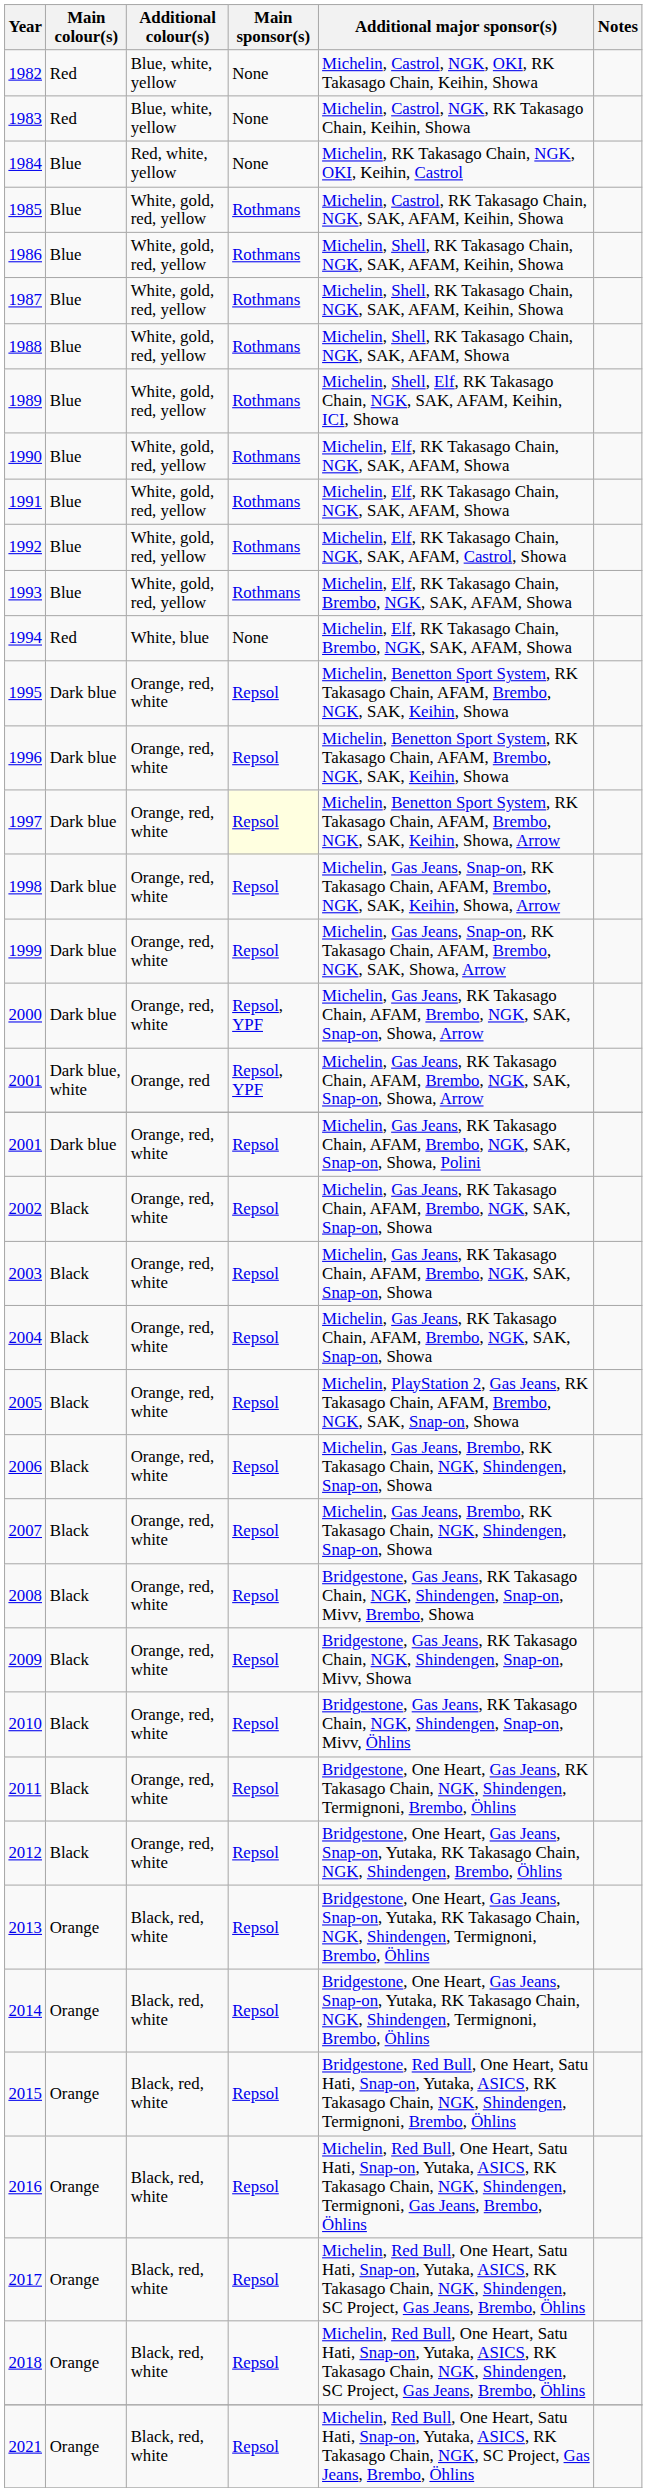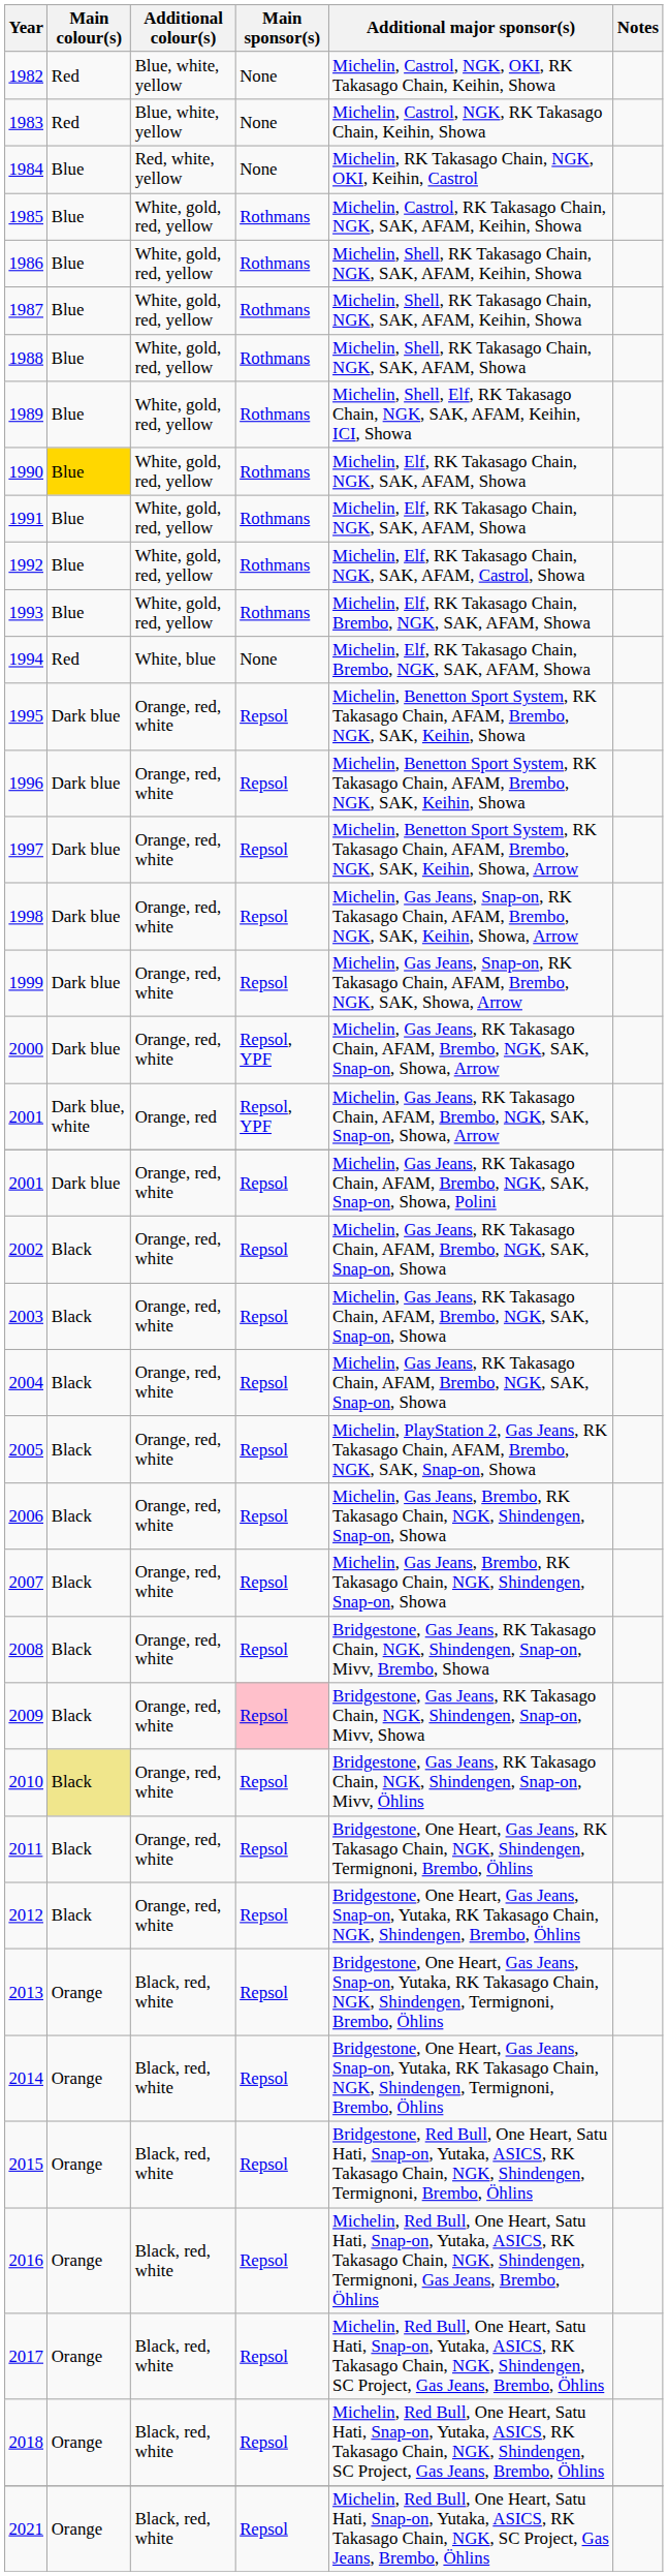 <table class="wikitable">
 <tr>
 <th>Year</th>
 <th>Main colour(s)</th>
 <th>Additional colour(s)</th>
 <th>Main sponsor(s)</th>
 <th>Additional major sponsor(s)</th>
 <th>Notes</th>
 </tr>
 <tr>
 <td><a href='#'>1982</a></td>
 <td>Red</td>
 <td>Blue, white, yellow</td>
 <td>None</td>
 <td><a href='#'>Michelin</a>, <a href='#'>Castrol</a>, <a href='#'>NGK</a>, <a href='#'>OKI</a>, RK Takasago Chain, Keihin, Showa</td>
 <td></td>
 </tr>
 <tr>
 <td><a href='#'>1983</a></td>
 <td>Red</td>
 <td>Blue, white, yellow</td>
 <td>None</td>
 <td><a href='#'>Michelin</a>, <a href='#'>Castrol</a>, <a href='#'>NGK</a>, RK Takasago Chain, Keihin, Showa</td>
 <td></td>
 </tr>
 <tr>
 <td><a href='#'>1984</a></td>
 <td>Blue</td>
 <td>Red, white, yellow</td>
 <td>None</td>
 <td><a href='#'>Michelin</a>, RK Takasago Chain, <a href='#'>NGK</a>, <a href='#'>OKI</a>, Keihin, <a href='#'>Castrol</a></td>
 <td></td>
 </tr>
 <tr>
 <td><a href='#'>1985</a></td>
 <td>Blue</td>
 <td>White, gold, red, yellow</td>
 <td><a href='#'>Rothmans</a></td>
 <td><a href='#'>Michelin</a>, <a href='#'>Castrol</a>, RK Takasago Chain, <a href='#'>NGK</a>, SAK, AFAM, Keihin, Showa</td>
 <td></td>
 </tr>
 <tr>
 <td><a href='#'>1986</a></td>
 <td>Blue</td>
 <td>White, gold, red, yellow</td>
 <td><a href='#'>Rothmans</a></td>
 <td><a href='#'>Michelin</a>, <a href='#'>Shell</a>, RK Takasago Chain, <a href='#'>NGK</a>, SAK, AFAM, Keihin, Showa</td>
 <td></td>
 </tr>
 <tr>
 <td><a href='#'>1987</a></td>
 <td>Blue</td>
 <td>White, gold, red, yellow</td>
 <td><a href='#'>Rothmans</a></td>
 <td><a href='#'>Michelin</a>, <a href='#'>Shell</a>, RK Takasago Chain, <a href='#'>NGK</a>, SAK, AFAM, Keihin, Showa</td>
 <td></td>
 </tr>
 <tr>
 <td><a href='#'>1988</a></td>
 <td>Blue</td>
 <td>White, gold, red, yellow</td>
 <td><a href='#'>Rothmans</a></td>
 <td><a href='#'>Michelin</a>, <a href='#'>Shell</a>, RK Takasago Chain, <a href='#'>NGK</a>, SAK, AFAM, Showa</td>
 <td></td>
 </tr>
 <tr>
 <td><a href='#'>1989</a></td>
 <td>Blue</td>
 <td>White, gold, red, yellow</td>
 <td><a href='#'>Rothmans</a></td>
 <td><a href='#'>Michelin</a>, <a href='#'>Shell</a>, <a href='#'>Elf</a>, RK Takasago Chain, <a href='#'>NGK</a>, SAK, AFAM, Keihin, <a href='#'>ICI</a>, Showa</td>
 <td></td>
 </tr>
 <tr>
 <td><a href='#'>1990</a></td>
-<td>Blue</td>
+<td style="background: gold;">Blue</td>
 <td>White, gold, red, yellow</td>
 <td><a href='#'>Rothmans</a></td>
 <td><a href='#'>Michelin</a>, <a href='#'>Elf</a>, RK Takasago Chain, <a href='#'>NGK</a>, SAK, AFAM, Showa</td>
 <td></td>
 </tr>
 <tr>
 <td><a href='#'>1991</a></td>
 <td>Blue</td>
 <td>White, gold, red, yellow</td>
 <td><a href='#'>Rothmans</a></td>
 <td><a href='#'>Michelin</a>, <a href='#'>Elf</a>, RK Takasago Chain, <a href='#'>NGK</a>, SAK, AFAM, Showa</td>
 <td></td>
 </tr>
 <tr>
 <td><a href='#'>1992</a></td>
 <td>Blue</td>
 <td>White, gold, red, yellow</td>
 <td><a href='#'>Rothmans</a></td>
 <td><a href='#'>Michelin</a>, <a href='#'>Elf</a>, RK Takasago Chain, <a href='#'>NGK</a>, SAK, AFAM, <a href='#'>Castrol</a>, Showa</td>
 <td></td>
 </tr>
 <tr>
 <td><a href='#'>1993</a></td>
 <td>Blue</td>
 <td>White, gold, red, yellow</td>
 <td><a href='#'>Rothmans</a></td>
 <td><a href='#'>Michelin</a>, <a href='#'>Elf</a>, RK Takasago Chain, <a href='#'>Brembo</a>, <a href='#'>NGK</a>, SAK, AFAM, Showa</td>
 <td></td>
 </tr>
 <tr>
 <td><a href='#'>1994</a></td>
 <td>Red</td>
 <td>White, blue</td>
 <td>None</td>
 <td><a href='#'>Michelin</a>, <a href='#'>Elf</a>, RK Takasago Chain, <a href='#'>Brembo</a>, <a href='#'>NGK</a>, SAK, AFAM, Showa</td>
 <td></td>
 </tr>
 <tr>
 <td><a href='#'>1995</a></td>
 <td>Dark blue</td>
 <td>Orange, red, white</td>
 <td><a href='#'>Repsol</a></td>
 <td><a href='#'>Michelin</a>, <a href='#'>Benetton Sport System</a>, RK Takasago Chain, AFAM, <a href='#'>Brembo</a>, <a href='#'>NGK</a>, SAK, <a href='#'>Keihin</a>,  Showa</td>
 <td></td>
 </tr>
 <tr>
 <td><a href='#'>1996</a></td>
 <td>Dark blue</td>
 <td>Orange, red, white</td>
 <td><a href='#'>Repsol</a></td>
 <td><a href='#'>Michelin</a>, <a href='#'>Benetton Sport System</a>, RK Takasago Chain, AFAM, <a href='#'>Brembo</a>, <a href='#'>NGK</a>, SAK, <a href='#'>Keihin</a>,  Showa</td>
 <td></td>
 </tr>
 <tr>
 <td><a href='#'>1997</a></td>
 <td>Dark blue</td>
 <td>Orange, red, white</td>
-<td style="background: lightyellow;"><a href='#'>Repsol</a></td>
+<td><a href='#'>Repsol</a></td>
 <td><a href='#'>Michelin</a>, <a href='#'>Benetton Sport System</a>, RK Takasago Chain, AFAM, <a href='#'>Brembo</a>, <a href='#'>NGK</a>, SAK, <a href='#'>Keihin</a>, Showa, <a href='#'>Arrow</a></td>
 <td></td>
 </tr>
 <tr>
 <td><a href='#'>1998</a></td>
 <td>Dark blue</td>
 <td>Orange, red, white</td>
 <td><a href='#'>Repsol</a></td>
 <td><a href='#'>Michelin</a>, <a href='#'>Gas Jeans</a>, <a href='#'>Snap-on</a>, RK Takasago Chain, AFAM, <a href='#'>Brembo</a>, <a href='#'>NGK</a>, SAK, <a href='#'>Keihin</a>, Showa, <a href='#'>Arrow</a></td>
 <td></td>
 </tr>
 <tr>
 <td><a href='#'>1999</a></td>
 <td>Dark blue</td>
 <td>Orange, red, white</td>
 <td><a href='#'>Repsol</a></td>
 <td><a href='#'>Michelin</a>, <a href='#'>Gas Jeans</a>, <a href='#'>Snap-on</a>, RK Takasago Chain, AFAM, <a href='#'>Brembo</a>, <a href='#'>NGK</a>, SAK, Showa, <a href='#'>Arrow</a></td>
 <td></td>
 </tr>
 <tr>
 <td><a href='#'>2000</a></td>
 <td>Dark blue</td>
 <td>Orange, red, white</td>
 <td><a href='#'>Repsol</a>, <a href='#'>YPF</a></td>
 <td><a href='#'>Michelin</a>, <a href='#'>Gas Jeans</a>, RK Takasago Chain, AFAM, <a href='#'>Brembo</a>, <a href='#'>NGK</a>, SAK, <a href='#'>Snap-on</a>, Showa, <a href='#'>Arrow</a></td>
 <td></td>
 </tr>
 <tr>
 <td><a href='#'>2001</a></td>
 <td>Dark blue, white</td>
 <td>Orange, red</td>
 <td><a href='#'>Repsol</a>, <a href='#'>YPF</a></td>
 <td><a href='#'>Michelin</a>, <a href='#'>Gas Jeans</a>, RK Takasago Chain, AFAM, <a href='#'>Brembo</a>, <a href='#'>NGK</a>, SAK, <a href='#'>Snap-on</a>, Showa, <a href='#'>Arrow</a></td>
 <td></td>
 </tr>
 <tr>
 </tr>
 <tr>
 <td><a href='#'>2001</a></td>
 <td>Dark blue</td>
 <td>Orange, red, white</td>
 <td><a href='#'>Repsol</a></td>
 <td><a href='#'>Michelin</a>, <a href='#'>Gas Jeans</a>, RK Takasago Chain, AFAM, <a href='#'>Brembo</a>, <a href='#'>NGK</a>, SAK, <a href='#'>Snap-on</a>, Showa, <a href='#'>Polini</a></td>
 <td></td>
 </tr>
 <tr>
 <td><a href='#'>2002</a></td>
 <td>Black</td>
 <td>Orange, red, white</td>
 <td><a href='#'>Repsol</a></td>
 <td><a href='#'>Michelin</a>, <a href='#'>Gas Jeans</a>, RK Takasago Chain, AFAM, <a href='#'>Brembo</a>, <a href='#'>NGK</a>, SAK, <a href='#'>Snap-on</a>, Showa</td>
 <td></td>
 </tr>
 <tr>
 <td><a href='#'>2003</a></td>
 <td>Black</td>
 <td>Orange, red, white</td>
 <td><a href='#'>Repsol</a></td>
 <td><a href='#'>Michelin</a>, <a href='#'>Gas Jeans</a>, RK Takasago Chain, AFAM, <a href='#'>Brembo</a>, <a href='#'>NGK</a>, SAK, <a href='#'>Snap-on</a>, Showa</td>
 <td></td>
 </tr>
 <tr>
 <td><a href='#'>2004</a></td>
 <td>Black</td>
 <td>Orange, red, white</td>
 <td><a href='#'>Repsol</a></td>
 <td><a href='#'>Michelin</a>, <a href='#'>Gas Jeans</a>, RK Takasago Chain, AFAM, <a href='#'>Brembo</a>, <a href='#'>NGK</a>, SAK, <a href='#'>Snap-on</a>, Showa</td>
 <td></td>
 </tr>
 <tr>
 <td><a href='#'>2005</a></td>
 <td>Black</td>
 <td>Orange, red, white</td>
 <td><a href='#'>Repsol</a></td>
 <td><a href='#'>Michelin</a>, <a href='#'>PlayStation 2</a>, <a href='#'>Gas Jeans</a>, RK Takasago Chain, AFAM, <a href='#'>Brembo</a>, <a href='#'>NGK</a>, SAK, <a href='#'>Snap-on</a>, Showa</td>
 <td></td>
 </tr>
 <tr>
 <td><a href='#'>2006</a></td>
 <td>Black</td>
 <td>Orange, red, white</td>
 <td><a href='#'>Repsol</a></td>
 <td><a href='#'>Michelin</a>, <a href='#'>Gas Jeans</a>, <a href='#'>Brembo</a>, RK Takasago Chain, <a href='#'>NGK</a>, <a href='#'>Shindengen</a>, <a href='#'>Snap-on</a>, Showa</td>
 <td></td>
 </tr>
 <tr>
 <td><a href='#'>2007</a></td>
 <td>Black</td>
 <td>Orange, red, white</td>
 <td><a href='#'>Repsol</a></td>
 <td><a href='#'>Michelin</a>, <a href='#'>Gas Jeans</a>, <a href='#'>Brembo</a>, RK Takasago Chain, <a href='#'>NGK</a>, <a href='#'>Shindengen</a>, <a href='#'>Snap-on</a>, Showa</td>
 <td></td>
 </tr>
 <tr>
 <td><a href='#'>2008</a></td>
 <td>Black</td>
 <td>Orange, red, white</td>
 <td><a href='#'>Repsol</a></td>
 <td><a href='#'>Bridgestone</a>, <a href='#'>Gas Jeans</a>, RK Takasago Chain, <a href='#'>NGK</a>, <a href='#'>Shindengen</a>, <a href='#'>Snap-on</a>, Mivv, <a href='#'>Brembo</a>, Showa</td>
 <td></td>
 </tr>
 <tr>
 <td><a href='#'>2009</a></td>
 <td>Black</td>
 <td>Orange, red, white</td>
-<td><a href='#'>Repsol</a></td>
+<td style="background: pink;"><a href='#'>Repsol</a></td>
 <td><a href='#'>Bridgestone</a>, <a href='#'>Gas Jeans</a>, RK Takasago Chain, <a href='#'>NGK</a>, <a href='#'>Shindengen</a>, <a href='#'>Snap-on</a>, Mivv, Showa</td>
 <td></td>
 </tr>
 <tr>
 <td><a href='#'>2010</a></td>
-<td>Black</td>
+<td style="background: khaki;">Black</td>
 <td>Orange, red, white</td>
 <td><a href='#'>Repsol</a></td>
 <td><a href='#'>Bridgestone</a>, <a href='#'>Gas Jeans</a>, RK Takasago Chain, <a href='#'>NGK</a>, <a href='#'>Shindengen</a>, <a href='#'>Snap-on</a>, Mivv, <a href='#'>Öhlins</a></td>
 <td></td>
 </tr>
 <tr>
 <td><a href='#'>2011</a></td>
 <td>Black</td>
 <td>Orange, red, white</td>
 <td><a href='#'>Repsol</a></td>
 <td><a href='#'>Bridgestone</a>, One Heart, <a href='#'>Gas Jeans</a>, RK Takasago Chain, <a href='#'>NGK</a>, <a href='#'>Shindengen</a>, Termignoni, <a href='#'>Brembo</a>, <a href='#'>Öhlins</a></td>
 <td></td>
 </tr>
 <tr>
 <td><a href='#'>2012</a></td>
 <td>Black</td>
 <td>Orange, red, white</td>
 <td><a href='#'>Repsol</a></td>
 <td><a href='#'>Bridgestone</a>, One Heart, <a href='#'>Gas Jeans</a>, <a href='#'>Snap-on</a>, Yutaka, RK Takasago Chain, <a href='#'>NGK</a>, <a href='#'>Shindengen</a>, <a href='#'>Brembo</a>, <a href='#'>Öhlins</a></td>
 <td></td>
 </tr>
 <tr>
 <td><a href='#'>2013</a></td>
 <td>Orange</td>
 <td>Black, red, white</td>
 <td><a href='#'>Repsol</a></td>
 <td><a href='#'>Bridgestone</a>, One Heart, <a href='#'>Gas Jeans</a>, <a href='#'>Snap-on</a>, Yutaka, RK Takasago Chain, <a href='#'>NGK</a>, <a href='#'>Shindengen</a>, Termignoni, <a href='#'>Brembo</a>, <a href='#'>Öhlins</a></td>
 <td></td>
 </tr>
 <tr>
 <td><a href='#'>2014</a></td>
 <td>Orange</td>
 <td>Black, red, white</td>
 <td><a href='#'>Repsol</a></td>
 <td><a href='#'>Bridgestone</a>, One Heart, <a href='#'>Gas Jeans</a>, <a href='#'>Snap-on</a>, Yutaka, RK Takasago Chain, <a href='#'>NGK</a>, <a href='#'>Shindengen</a>, Termignoni, <a href='#'>Brembo</a>, <a href='#'>Öhlins</a></td>
 <td></td>
 </tr>
 <tr>
 <td><a href='#'>2015</a></td>
 <td>Orange</td>
 <td>Black, red, white</td>
 <td><a href='#'>Repsol</a></td>
 <td><a href='#'>Bridgestone</a>, <a href='#'>Red Bull</a>, One Heart, Satu Hati, <a href='#'>Snap-on</a>, Yutaka, <a href='#'>ASICS</a>, RK Takasago Chain, <a href='#'>NGK</a>, <a href='#'>Shindengen</a>, Termignoni, <a href='#'>Brembo</a>, <a href='#'>Öhlins</a></td>
 <td></td>
 </tr>
 <tr>
 <td><a href='#'>2016</a></td>
 <td>Orange</td>
 <td>Black, red, white</td>
 <td><a href='#'>Repsol</a></td>
 <td><a href='#'>Michelin</a>, <a href='#'>Red Bull</a>, One Heart, Satu Hati, <a href='#'>Snap-on</a>, Yutaka, <a href='#'>ASICS</a>, RK Takasago Chain, <a href='#'>NGK</a>, <a href='#'>Shindengen</a>, Termignoni, <a href='#'>Gas Jeans</a>, <a href='#'>Brembo</a>, <a href='#'>Öhlins</a></td>
 <td></td>
 </tr>
 <tr>
 <td><a href='#'>2017</a></td>
 <td>Orange</td>
 <td>Black, red, white</td>
 <td><a href='#'>Repsol</a></td>
 <td><a href='#'>Michelin</a>, <a href='#'>Red Bull</a>, One Heart, Satu Hati, <a href='#'>Snap-on</a>, Yutaka, <a href='#'>ASICS</a>, RK Takasago Chain, <a href='#'>NGK</a>, <a href='#'>Shindengen</a>, SC Project, <a href='#'>Gas Jeans</a>, <a href='#'>Brembo</a>, <a href='#'>Öhlins</a></td>
 <td></td>
 </tr>
 <tr>
 <td><a href='#'>2018</a></td>
 <td>Orange</td>
 <td>Black, red, white</td>
 <td><a href='#'>Repsol</a></td>
 <td><a href='#'>Michelin</a>, <a href='#'>Red Bull</a>, One Heart, Satu Hati, <a href='#'>Snap-on</a>, Yutaka, <a href='#'>ASICS</a>, RK Takasago Chain, <a href='#'>NGK</a>, <a href='#'>Shindengen</a>, SC Project, <a href='#'>Gas Jeans</a>, <a href='#'>Brembo</a>, <a href='#'>Öhlins</a></td>
 <td></td>
 </tr>
 <tr>
 </tr>
 <tr>
 <td><a href='#'>2021</a></td>
 <td>Orange</td>
 <td>Black, red, white</td>
 <td><a href='#'>Repsol</a></td>
 <td><a href='#'>Michelin</a>, <a href='#'>Red Bull</a>, One Heart, Satu Hati, <a href='#'>Snap-on</a>, Yutaka, <a href='#'>ASICS</a>, RK Takasago Chain, <a href='#'>NGK</a>, SC Project, <a href='#'>Gas Jeans</a>, <a href='#'>Brembo</a>, <a href='#'>Öhlins</a></td>
 <td></td>
 </tr>
 </table>
